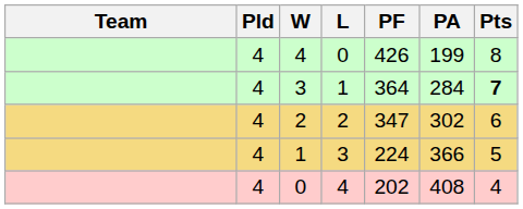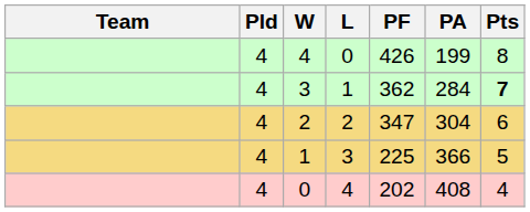 <table class="wikitable" style="text-align:center;">
 <tr>
 <th width=170>Team</th>
 <th width=25>Pld</th>
 <th width=25>W</th>
 <th width=25>L</th>
 <th width=35>PF</th>
 <th width=35>PA</th>
 <th width=25>Pts</th>
 </tr>
 <tr bgcolor=#ccffcc>
 <td align="left"></td>
 <td>4</td>
 <td>4</td>
 <td>0</td>
 <td>426</td>
 <td>199</td>
 <td>8</td>
 </tr>
 <tr bgcolor=#ccffcc>
 <td align="left"></td>
 <td>4</td>
 <td>3</td>
 <td>1</td>
-<td>364</td>
+<td>362</td>
 <td>284</td>
 <td><strong>7</strong></td>
 </tr>
 <tr bgcolor=#F5DA81>
 <td align="left"></td>
 <td>4</td>
 <td>2</td>
 <td>2</td>
 <td>347</td>
-<td>302</td>
+<td>304</td>
 <td>6</td>
 </tr>
 <tr bgcolor=#F5DA81>
 <td align="left"></td>
 <td>4</td>
 <td>1</td>
 <td>3</td>
-<td>224</td>
+<td>225</td>
 <td>366</td>
 <td>5</td>
 </tr>
 <tr bgcolor=#ffcccc>
 <td align="left"></td>
 <td>4</td>
 <td>0</td>
 <td>4</td>
 <td>202</td>
 <td>408</td>
 <td>4</td>
 </tr>
 </table>
